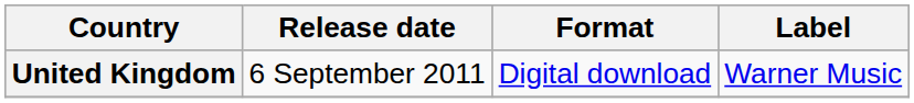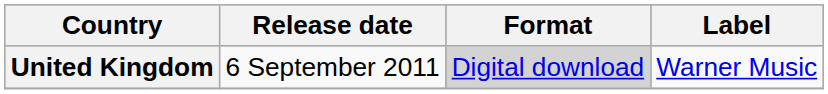 <table class="wikitable plainrowheaders">
 <tr>
 <th scope="col">Country</th>
 <th scope="col">Release date</th>
 <th scope="col">Format</th>
 <th scope="col">Label</th>
 </tr>
 <tr>
 <th scope="row">United Kingdom</th>
 <td>6 September 2011</td>
-<td><a href='#'>Digital download</a></td>
+<td style="background: lightgrey;"><a href='#'>Digital download</a></td>
 <td><a href='#'>Warner Music</a></td>
 </tr>
 <tr>
 </tr>
 </table>
